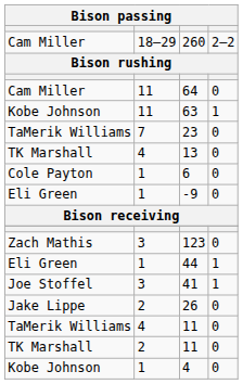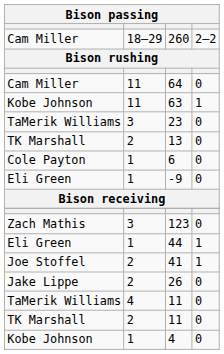 <table class="wikitable plainrowheaders">
 <tr>
 <th colspan="6">Bison passing</th>
 </tr>
 <tr>
 <th scope="col"></th>
 <th scope="col"></th>
 <th scope="col"></th>
 <th scope="col"></th>
 </tr>
 <tr>
 <td>Cam Miller</td>
 <td>18–29</td>
 <td>260</td>
 <td>2–2</td>
 </tr>
 <tr>
 <th colspan="6">Bison rushing</th>
 </tr>
 <tr>
 <th scope="col"></th>
 <th scope="col"></th>
 <th scope="col"></th>
 <th scope="col"></th>
 </tr>
 <tr>
 <td>Cam Miller</td>
 <td>11</td>
 <td>64</td>
 <td>0</td>
 </tr>
 <tr>
 <td>Kobe Johnson</td>
 <td>11</td>
 <td>63</td>
 <td>1</td>
 </tr>
 <tr>
 <td>TaMerik Williams</td>
-<td>7</td>
+<td>3</td>
 <td>23</td>
 <td>0</td>
 </tr>
 <tr>
 <td>TK Marshall</td>
-<td>4</td>
+<td>2</td>
 <td>13</td>
 <td>0</td>
 </tr>
 <tr>
 <td>Cole Payton</td>
 <td>1</td>
 <td>6</td>
 <td>0</td>
 </tr>
 <tr>
 <td>Eli Green</td>
 <td>1</td>
 <td>-9</td>
 <td>0</td>
 </tr>
 <tr>
 <th colspan="6">Bison receiving</th>
 </tr>
 <tr>
 </tr>
 <tr>
 <th scope="col"></th>
 <th scope="col"></th>
 <th scope="col"></th>
 <th scope="col"></th>
 </tr>
 <tr>
 <td>Zach Mathis</td>
 <td>3</td>
 <td>123</td>
 <td>0</td>
 </tr>
 <tr>
 <td>Eli Green</td>
 <td>1</td>
 <td>44</td>
 <td>1</td>
 </tr>
 <tr>
 <td>Joe Stoffel</td>
-<td>3</td>
+<td>2</td>
 <td>41</td>
 <td>1</td>
 </tr>
 <tr>
 <td>Jake Lippe</td>
 <td>2</td>
 <td>26</td>
 <td>0</td>
 </tr>
 <tr>
 <td>TaMerik Williams</td>
 <td>4</td>
 <td>11</td>
 <td>0</td>
 </tr>
 <tr>
 <td>TK Marshall</td>
 <td>2</td>
 <td>11</td>
 <td>0</td>
 </tr>
 <tr>
 <td>Kobe Johnson</td>
 <td>1</td>
 <td>4</td>
 <td>0</td>
 </tr>
 </table>
